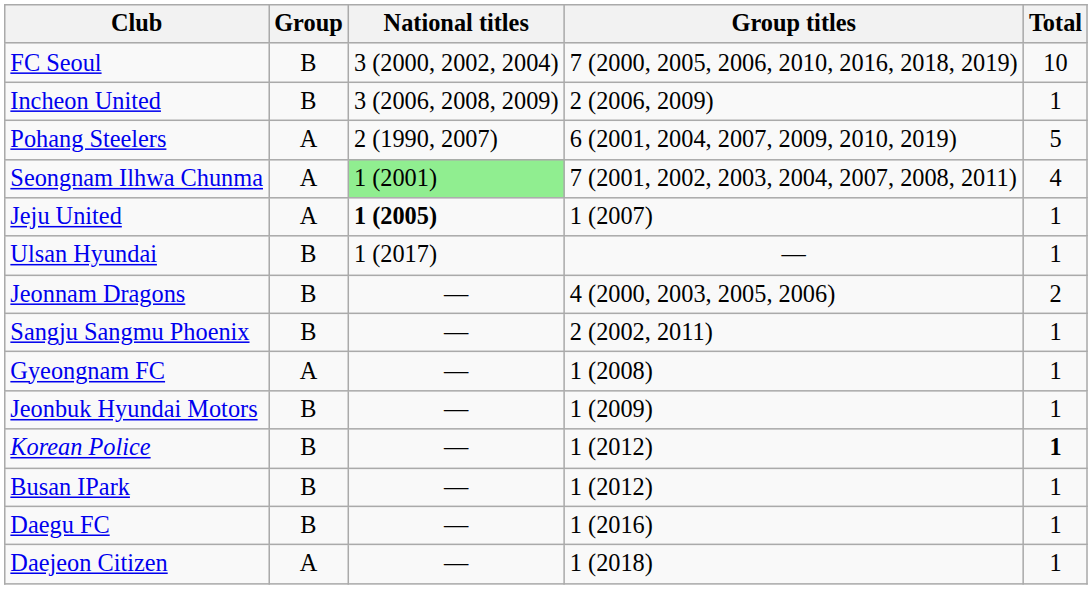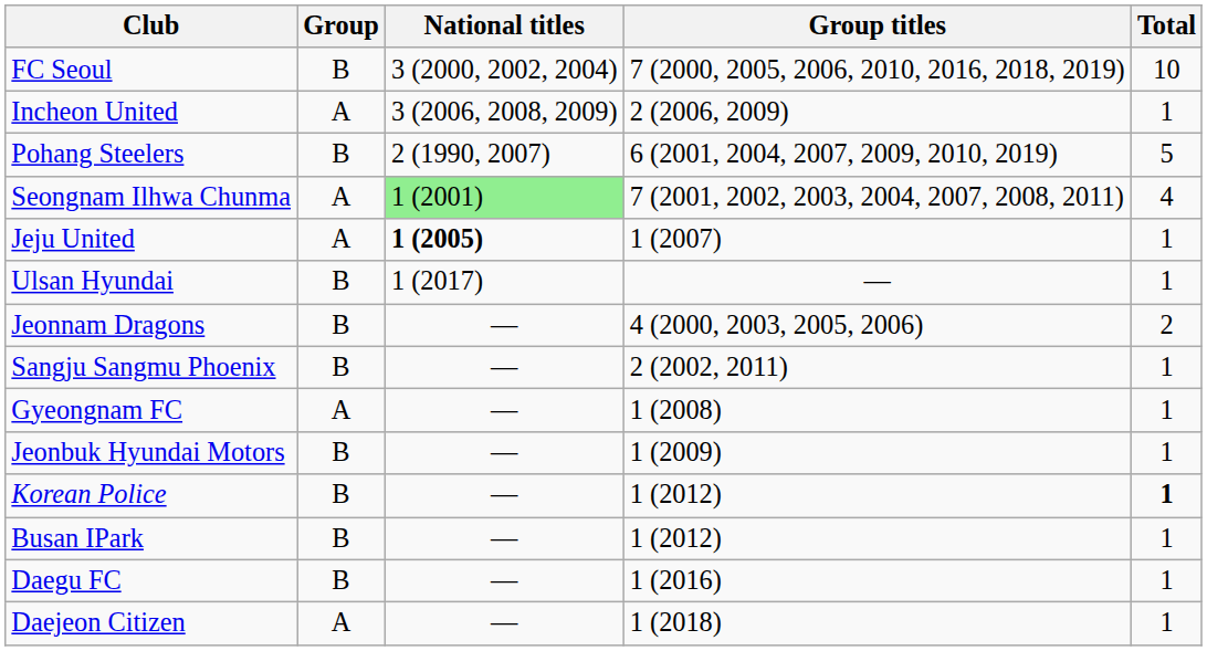 <table class="wikitable sortable">
 <tr>
 <th>Club</th>
 <th>Group</th>
 <th>National titles</th>
 <th>Group titles</th>
 <th>Total</th>
 </tr>
 <tr>
 <td><a href='#'>FC Seoul</a></td>
 <td align="center">B</td>
 <td>3 (2000, 2002, 2004)</td>
 <td>7 (2000, 2005, 2006, 2010, 2016, 2018, 2019)</td>
 <td align="center">10</td>
 </tr>
 <tr>
 <td><a href='#'>Incheon United</a></td>
-<td align="center">B</td>
+<td align="center">A</td>
 <td>3 (2006, 2008, 2009)</td>
 <td>2 (2006, 2009)</td>
 <td align="center">1</td>
 </tr>
 <tr>
 <td><a href='#'>Pohang Steelers</a></td>
-<td align="center">A</td>
+<td align="center">B</td>
 <td>2 (1990, 2007)</td>
 <td>6 (2001, 2004, 2007, 2009, 2010, 2019)</td>
 <td align="center">5</td>
 </tr>
 <tr>
 <td><a href='#'>Seongnam Ilhwa Chunma</a></td>
 <td align="center">A</td>
 <td style="background: lightgreen;">1 (2001)</td>
 <td>7 (2001, 2002, 2003, 2004, 2007, 2008, 2011)</td>
 <td align="center">4</td>
 </tr>
 <tr>
 <td><a href='#'>Jeju United</a></td>
 <td align="center">A</td>
 <td><strong>1 (2005)</strong></td>
 <td>1 (2007)</td>
 <td align="center">1</td>
 </tr>
 <tr>
 <td><a href='#'>Ulsan Hyundai</a></td>
 <td align="center">B</td>
 <td>1 (2017)</td>
 <td align="center">—</td>
 <td align="center">1</td>
 </tr>
 <tr>
 <td><a href='#'>Jeonnam Dragons</a></td>
 <td align="center">B</td>
 <td align="center">—</td>
 <td>4 (2000, 2003, 2005, 2006)</td>
 <td align="center">2</td>
 </tr>
 <tr>
 <td><a href='#'>Sangju Sangmu Phoenix</a></td>
 <td align="center">B</td>
 <td align="center">—</td>
 <td>2 (2002, 2011)</td>
 <td align="center">1</td>
 </tr>
 <tr>
 <td><a href='#'>Gyeongnam FC</a></td>
 <td align="center">A</td>
 <td align="center">—</td>
 <td>1 (2008)</td>
 <td align="center">1</td>
 </tr>
 <tr>
 <td><a href='#'>Jeonbuk Hyundai Motors</a></td>
 <td align="center">B</td>
 <td align="center">—</td>
 <td>1 (2009)</td>
 <td align="center">1</td>
 </tr>
 <tr>
 <td><em><a href='#'>Korean Police</a></em></td>
 <td align="center">B</td>
 <td align="center">—</td>
 <td>1 (2012)</td>
 <td align="center"><strong>1</strong></td>
 </tr>
 <tr>
 <td><a href='#'>Busan IPark</a></td>
 <td align="center">B</td>
 <td align="center">—</td>
 <td>1 (2012)</td>
 <td align="center">1</td>
 </tr>
 <tr>
 <td><a href='#'>Daegu FC</a></td>
 <td align="center">B</td>
 <td align="center">—</td>
 <td>1 (2016)</td>
 <td align="center">1</td>
 </tr>
 <tr>
 <td><a href='#'>Daejeon Citizen</a></td>
 <td align="center">A</td>
 <td align="center">—</td>
 <td>1 (2018)</td>
 <td align="center">1</td>
 </tr>
 </table>
